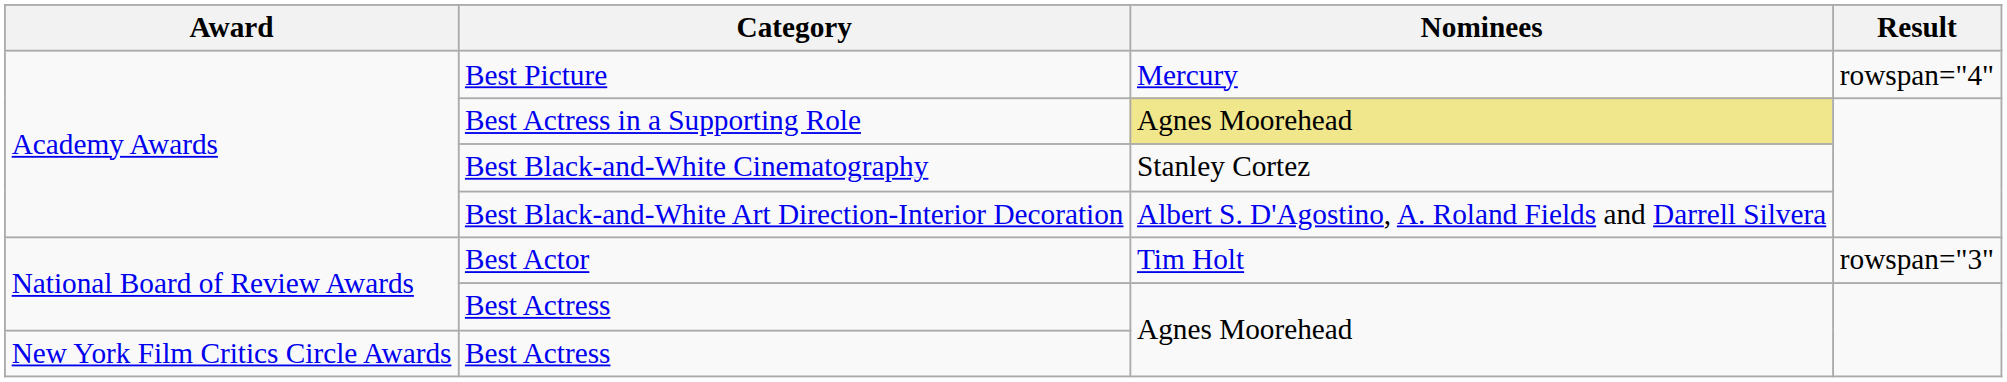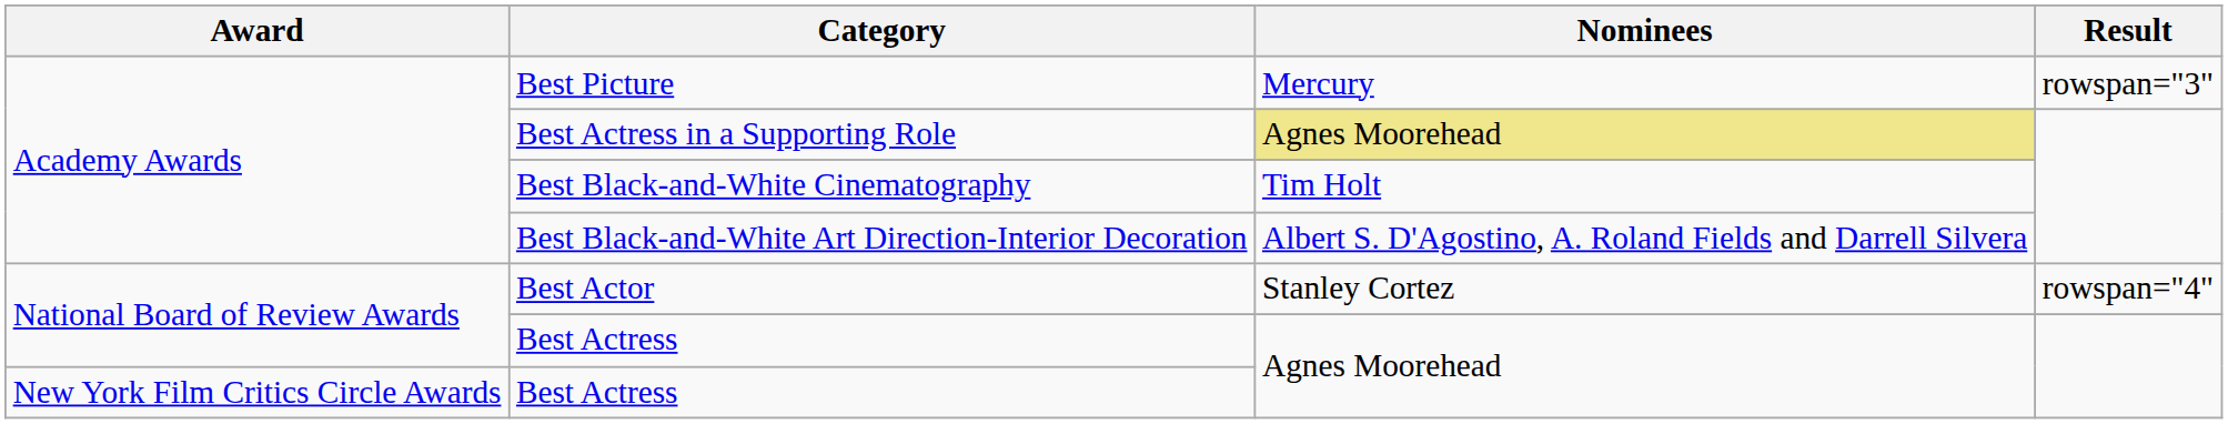 <table class="wikitable plainrowheaders">
 <tr>
 <th>Award</th>
 <th>Category</th>
 <th>Nominees</th>
 <th>Result</th>
 </tr>
 <tr>
 <td rowspan="4"><a href='#'>Academy Awards</a></td>
 <td><a href='#'>Best Picture</a></td>
 <td><a href='#'>Mercury</a></td>
-<td>rowspan="4" </td>
+<td>rowspan="3" </td>
 </tr>
 <tr>
 <td><a href='#'>Best Actress in a Supporting Role</a></td>
 <td style="background: khaki;">Agnes Moorehead</td>
 </tr>
 <tr>
 <td><a href='#'>Best Black-and-White Cinematography</a></td>
-<td>Stanley Cortez</td>
+<td><a href='#'>Tim Holt</a></td>
 </tr>
 <tr>
 <td><a href='#'>Best Black-and-White Art Direction-Interior Decoration</a></td>
 <td><a href='#'>Albert S. D'Agostino</a>, <a href='#'>A. Roland Fields</a> and <a href='#'>Darrell Silvera</a></td>
 </tr>
 <tr>
 <td rowspan="2"><a href='#'>National Board of Review Awards</a></td>
 <td><a href='#'>Best Actor</a></td>
-<td><a href='#'>Tim Holt</a></td>
-<td>rowspan="3" </td>
+<td>Stanley Cortez</td>
+<td>rowspan="4" </td>
 </tr>
 <tr>
 <td><a href='#'>Best Actress</a></td>
 <td rowspan="2">Agnes Moorehead</td>
 </tr>
 <tr>
 <td><a href='#'>New York Film Critics Circle Awards</a></td>
 <td><a href='#'>Best Actress</a></td>
 </tr>
 </table>
